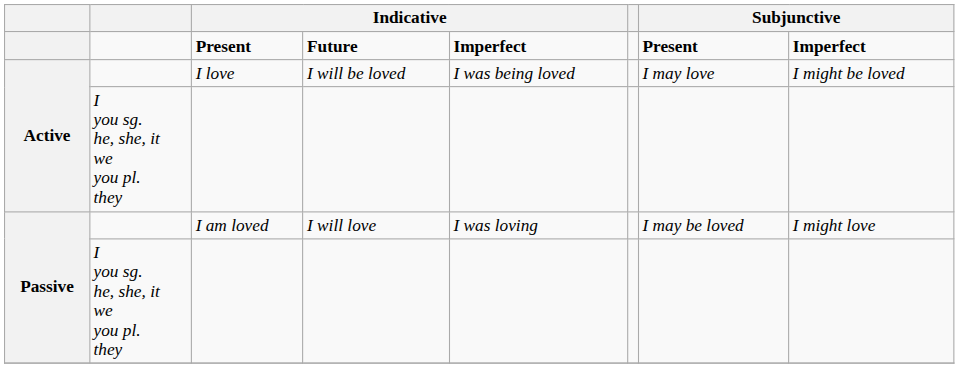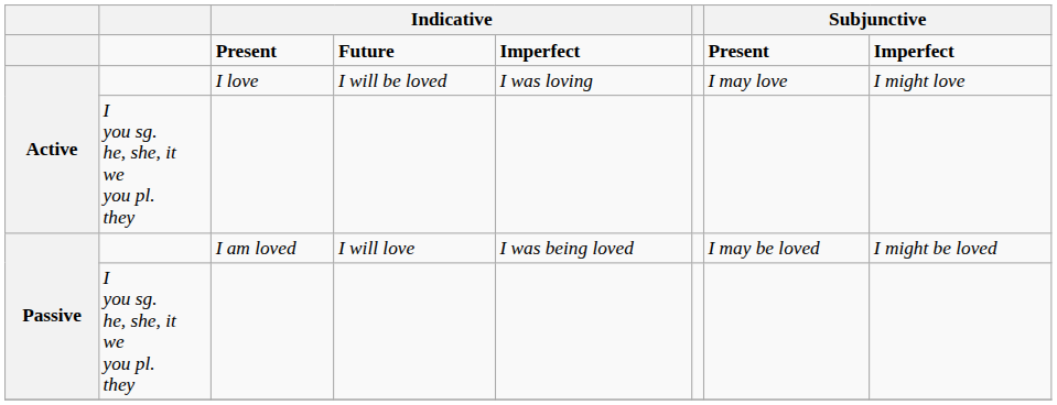 <table class="wikitable" style="width: 55em;">
 <tr>
 <th></th>
 <th></th>
 <th colspan="3">Indicative</th>
 <th></th>
 <th colspan="2">Subjunctive</th>
 </tr>
 <tr>
 <th></th>
 <td></td>
 <td><strong>Present</strong></td>
 <td><strong>Future</strong></td>
 <td><strong>Imperfect</strong></td>
 <td></td>
 <td><strong>Present</strong></td>
 <td><strong>Imperfect</strong></td>
 </tr>
 <tr>
 <th rowspan=2>Active</th>
 <td></td>
 <td><em>I love</em></td>
 <td><em>I will be loved</em></td>
-<td><em>I was being loved</em></td>
+<td><em>I was loving</em></td>
 <td></td>
 <td><em>I may love</em></td>
-<td><em>I might be loved</em></td>
+<td><em>I might love</em></td>
 </tr>
 <tr>
 <td><em>I<br>you sg.<br>he, she, it<br>we<br>you pl.<br>they</em></td>
 <td><strong></strong></td>
 <td><strong></strong></td>
 <td><strong></strong></td>
 <td></td>
 <td><strong></strong></td>
 <td><strong></strong></td>
 </tr>
 <tr>
 <th rowspan=2>Passive</th>
 <td></td>
 <td><em>I am loved</em></td>
 <td><em>I will love</em></td>
-<td><em>I was loving</em></td>
+<td><em>I was being loved</em></td>
 <td></td>
 <td><em>I may be loved</em></td>
-<td><em>I might love</em></td>
+<td><em>I might be loved</em></td>
 </tr>
 <tr>
 <td><em>I<br>you sg.<br>he, she, it<br>we<br>you pl.<br>they</em></td>
 <td><strong></strong></td>
 <td><strong></strong></td>
 <td><strong></strong></td>
 <td></td>
 <td><strong></strong></td>
 <td><strong></strong></td>
 </tr>
 <tr>
 </tr>
 </table>
